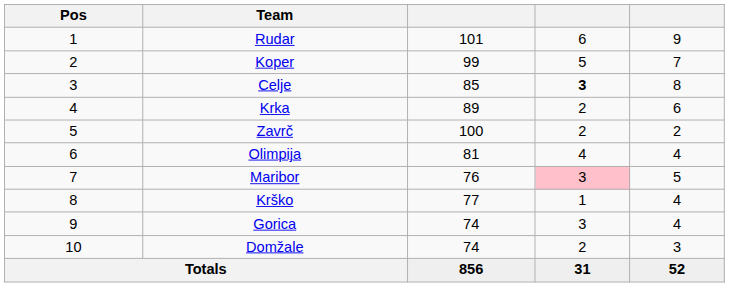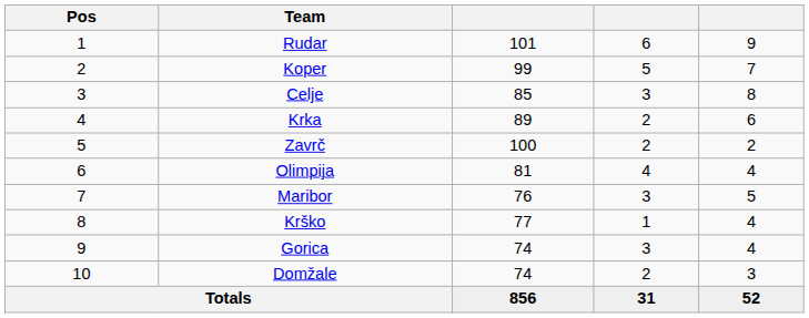 <table class="wikitable" style="text-align:center; width:50%">
 <tr>
 <th>Pos</th>
 <th>Team</th>
 <th></th>
 <th></th>
 <th></th>
 </tr>
 <tr>
 <td>1</td>
 <td><a href='#'>Rudar</a></td>
 <td>101</td>
 <td>6</td>
 <td>9</td>
 </tr>
 <tr>
 <td>2</td>
 <td><a href='#'>Koper</a></td>
 <td>99</td>
 <td>5</td>
 <td>7</td>
 </tr>
 <tr>
 <td>3</td>
 <td><a href='#'>Celje</a></td>
 <td>85</td>
-<td><strong>3</strong></td>
+<td>3</td>
 <td>8</td>
 </tr>
 <tr>
 <td>4</td>
 <td><a href='#'>Krka</a></td>
 <td>89</td>
 <td>2</td>
 <td>6</td>
 </tr>
 <tr>
 <td>5</td>
 <td><a href='#'>Zavrč</a></td>
 <td>100</td>
 <td>2</td>
 <td>2</td>
 </tr>
 <tr>
 <td>6</td>
 <td><a href='#'>Olimpija</a></td>
 <td>81</td>
 <td>4</td>
 <td>4</td>
 </tr>
 <tr>
 <td>7</td>
 <td><a href='#'>Maribor</a></td>
 <td>76</td>
-<td style="background: pink;">3</td>
+<td>3</td>
 <td>5</td>
 </tr>
 <tr>
 <td>8</td>
 <td><a href='#'>Krško</a></td>
 <td>77</td>
 <td>1</td>
 <td>4</td>
 </tr>
 <tr>
 <td>9</td>
 <td><a href='#'>Gorica</a></td>
 <td>74</td>
 <td>3</td>
 <td>4</td>
 </tr>
 <tr>
 <td>10</td>
 <td><a href='#'>Domžale</a></td>
 <td>74</td>
 <td>2</td>
 <td>3</td>
 </tr>
 <tr bgcolor="#EFEFEF">
 <th colspan="2" style="width:85px;">Totals</th>
 <td><strong>856</strong></td>
 <td><strong>31</strong></td>
 <td><strong>52</strong></td>
 </tr>
 </table>
